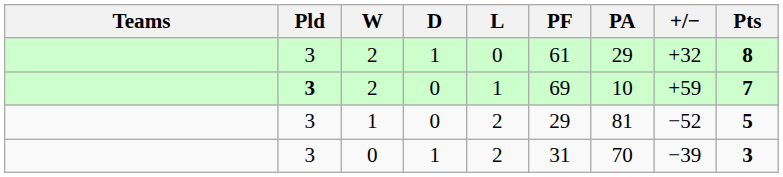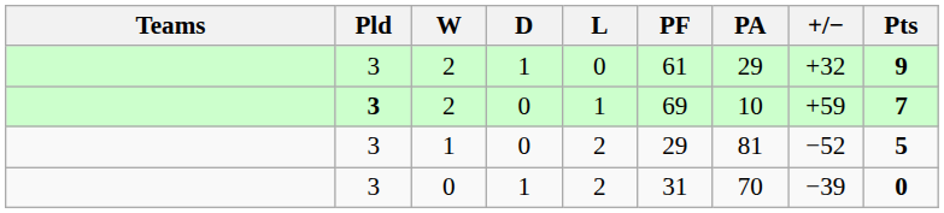 <table class="wikitable" style="text-align: center;">
 <tr>
 <th width="200">Teams</th>
 <th width="40">Pld</th>
 <th width="40">W</th>
 <th width="40">D</th>
 <th width="40">L</th>
 <th width="40">PF</th>
 <th width="40">PA</th>
 <th width="40">+/−</th>
 <th width="40">Pts</th>
 </tr>
 <tr style="background:#cfc; width:20px;">
 <td align=left></td>
 <td>3</td>
 <td>2</td>
 <td>1</td>
 <td>0</td>
 <td>61</td>
 <td>29</td>
 <td>+32</td>
-<td><strong>8</strong></td>
+<td><strong>9</strong></td>
 </tr>
 <tr style="background:#cfc; width:20px;">
 <td align=left></td>
 <td><strong>3</strong></td>
 <td>2</td>
 <td>0</td>
 <td>1</td>
 <td>69</td>
 <td>10</td>
 <td>+59</td>
 <td><strong>7</strong></td>
 </tr>
 <tr>
 <td align=left></td>
 <td>3</td>
 <td>1</td>
 <td>0</td>
 <td>2</td>
 <td>29</td>
 <td>81</td>
 <td>−52</td>
 <td><strong>5</strong></td>
 </tr>
 <tr>
 <td align=left></td>
 <td>3</td>
 <td>0</td>
 <td>1</td>
 <td>2</td>
 <td>31</td>
 <td>70</td>
 <td>−39</td>
-<td><strong>3</strong></td>
+<td><strong>0</strong></td>
 </tr>
 </table>
